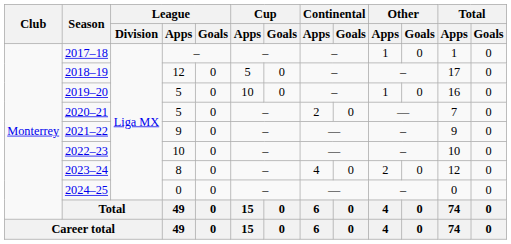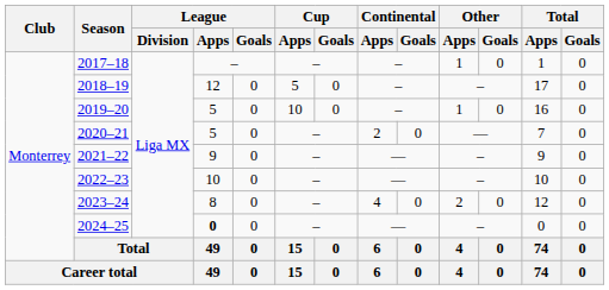 <table class="wikitable" style="text-align: center">
 <tr>
 <th rowspan="2">Club</th>
 <th rowspan="2">Season</th>
 <th colspan="3">League</th>
 <th colspan="2">Cup</th>
 <th colspan="2">Continental</th>
 <th colspan="2">Other</th>
 <th colspan="2">Total</th>
 </tr>
 <tr>
 <th>Division</th>
 <th>Apps</th>
 <th>Goals</th>
 <th>Apps</th>
 <th>Goals</th>
 <th>Apps</th>
 <th>Goals</th>
 <th>Apps</th>
 <th>Goals</th>
 <th>Apps</th>
 <th>Goals</th>
 </tr>
 <tr>
 <td rowspan="9"><a href='#'>Monterrey</a></td>
 <td><a href='#'>2017–18</a></td>
 <td rowspan="8"><a href='#'>Liga MX</a></td>
 <td colspan="2">–</td>
 <td colspan="2">–</td>
 <td colspan="2">–</td>
 <td>1</td>
 <td>0</td>
 <td>1</td>
 <td>0</td>
 </tr>
 <tr>
 <td><a href='#'>2018–19</a></td>
 <td>12</td>
 <td>0</td>
 <td>5</td>
 <td>0</td>
 <td colspan=2>–</td>
 <td colspan=2>–</td>
 <td>17</td>
 <td>0</td>
 </tr>
 <tr>
 <td><a href='#'>2019–20</a></td>
 <td>5</td>
 <td>0</td>
 <td>10</td>
 <td>0</td>
 <td colspan=2>–</td>
 <td>1</td>
 <td>0</td>
 <td>16</td>
 <td>0</td>
 </tr>
 <tr>
 <td><a href='#'>2020–21</a></td>
 <td>5</td>
 <td>0</td>
 <td colspan=2>–</td>
 <td>2</td>
 <td>0</td>
 <td colspan="2">—</td>
 <td>7</td>
 <td>0</td>
 </tr>
 <tr>
 <td><a href='#'>2021–22</a></td>
 <td>9</td>
 <td>0</td>
 <td colspan=2>–</td>
 <td colspan="2">—</td>
 <td colspan=2>–</td>
 <td>9</td>
 <td>0</td>
 </tr>
 <tr>
 <td><a href='#'>2022–23</a></td>
 <td>10</td>
 <td>0</td>
 <td colspan=2>–</td>
 <td colspan="2">—</td>
 <td colspan=2>–</td>
 <td>10</td>
 <td>0</td>
 </tr>
 <tr>
 <td><a href='#'>2023–24</a></td>
 <td>8</td>
 <td>0</td>
 <td colspan=2>–</td>
 <td>4</td>
 <td>0</td>
 <td>2</td>
 <td>0</td>
 <td>12</td>
 <td>0</td>
 </tr>
 <tr>
 <td><a href='#'>2024–25</a></td>
-<td>0</td>
+<td><strong>0</strong></td>
 <td>0</td>
 <td colspan=2>–</td>
 <td colspan="2">—</td>
 <td colspan=2>–</td>
 <td>0</td>
 <td>0</td>
 </tr>
 <tr>
 <th colspan="2">Total</th>
 <th>49</th>
 <th>0</th>
 <th>15</th>
 <th>0</th>
 <th>6</th>
 <th>0</th>
 <th>4</th>
 <th>0</th>
 <th>74</th>
 <th>0</th>
 </tr>
 <tr>
 <th colspan="3"><strong>Career total</strong></th>
 <th>49</th>
 <th>0</th>
 <th>15</th>
 <th>0</th>
 <th>6</th>
 <th>0</th>
 <th>4</th>
 <th>0</th>
 <th>74</th>
 <th>0</th>
 </tr>
 </table>
